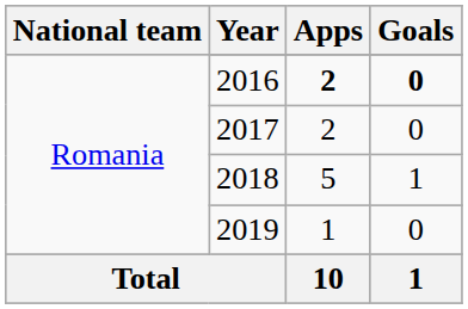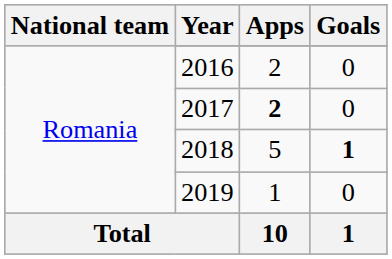 <table class="wikitable" style="text-align: center;">
 <tr>
 <th>National team</th>
 <th>Year</th>
 <th>Apps</th>
 <th>Goals</th>
 </tr>
 <tr>
 <td rowspan="5"><a href='#'>Romania</a></td>
 </tr>
 <tr>
 <td>2016</td>
-<td><strong>2</strong></td>
-<td><strong>0</strong></td>
+<td>2</td>
+<td>0</td>
 </tr>
 <tr>
 <td>2017</td>
-<td>2</td>
+<td><strong>2</strong></td>
 <td>0</td>
 </tr>
 <tr>
 <td>2018</td>
 <td>5</td>
-<td>1</td>
+<td><strong>1</strong></td>
 </tr>
 <tr>
 <td>2019</td>
 <td>1</td>
 <td>0</td>
 </tr>
 <tr>
 <th colspan=2>Total</th>
 <th>10</th>
 <th>1</th>
 </tr>
 </table>
